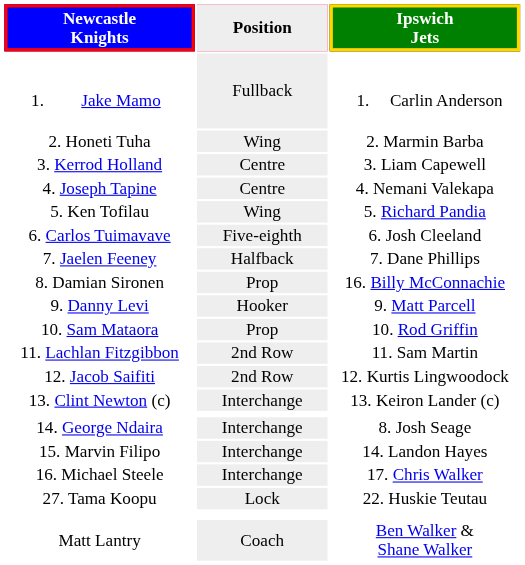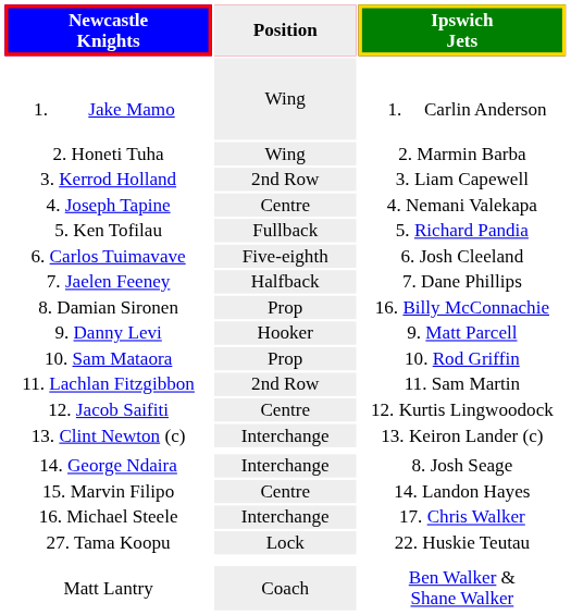 <table style="margin: 1em auto 1em auto">
 <tr style="background:#f03;">
 </tr>
 <tr style="background:#f03;">
 <th align="centre" style="width:170px; border:3px solid red; background:blue; color: white">Newcastle<br>Knights</th>
 <th style="width:120px; text-align:center; background:#eee; color:black;">Position</th>
 <th align="centre" style="width:170px; border:solid gold; background:green; color:white">Ipswich<br>Jets</th>
 </tr>
 <tr style="text-align:center;">
 <td><br><ol><li><a href='#'>Jake Mamo</a></li></ol></td>
-<td style="text-align:center; background:#eee;">Fullback</td>
+<td style="text-align:center; background:#eee;">Wing</td>
 <td><br><ol><li>Carlin Anderson</li></ol></td>
 </tr>
 <tr style="text-align:center;">
 <td>2. Honeti Tuha</td>
 <td style="background:#eee;">Wing</td>
 <td>2. Marmin Barba</td>
 </tr>
 <tr style="text-align:center;">
 <td>3. <a href='#'>Kerrod Holland</a></td>
-<td style="text-align:center; background:#eee;">Centre</td>
+<td style="background:#eee;">2nd Row</td>
 <td>3. Liam Capewell</td>
 </tr>
 <tr style="text-align:center;">
 <td>4. <a href='#'>Joseph Tapine</a></td>
 <td style="background:#eee;">Centre</td>
 <td>4. Nemani Valekapa</td>
 </tr>
 <tr style="text-align:center;">
 <td>5. Ken Tofilau</td>
-<td style="text-align:center; background:#eee;">Wing</td>
+<td style="text-align:center; background:#eee;">Fullback</td>
 <td>5. <a href='#'>Richard Pandia</a></td>
 </tr>
 <tr style="text-align:center;">
 <td>6. <a href='#'>Carlos Tuimavave</a></td>
 <td style="background:#eee;">Five-eighth</td>
 <td>6. Josh Cleeland</td>
 </tr>
 <tr style="text-align:center;">
 <td>7. <a href='#'>Jaelen Feeney</a></td>
 <td style="background:#eee;">Halfback</td>
 <td>7. Dane Phillips</td>
 </tr>
 <tr style="text-align:center;">
 <td>8. Damian Sironen</td>
 <td style="background:#eee;">Prop</td>
 <td>16. <a href='#'>Billy McConnachie</a></td>
 </tr>
 <tr style="text-align:center;">
 <td>9. <a href='#'>Danny Levi</a></td>
 <td style="background:#eee;">Hooker</td>
 <td>9. <a href='#'>Matt Parcell</a></td>
 </tr>
 <tr style="text-align:center;">
 <td>10. <a href='#'>Sam Mataora</a></td>
 <td style="background:#eee;">Prop</td>
 <td>10. <a href='#'>Rod Griffin</a></td>
 </tr>
 <tr style="text-align:center;">
 <td>11. <a href='#'>Lachlan Fitzgibbon</a></td>
 <td style="background:#eee;">2nd Row</td>
 <td>11. Sam Martin</td>
 </tr>
 <tr style="text-align:center;">
 <td>12. <a href='#'>Jacob Saifiti</a></td>
-<td style="background:#eee;">2nd Row</td>
+<td style="text-align:center; background:#eee;">Centre</td>
 <td>12. Kurtis Lingwoodock</td>
 </tr>
 <tr style="text-align:center;">
 <td>13. <a href='#'>Clint Newton</a> (c)</td>
 <td style="background:#eee;">Interchange</td>
 <td>13. Keiron Lander (c)</td>
 </tr>
 <tr>
 <td></td>
 <td></td>
 </tr>
 <tr style="text-align:center;">
 <td>14. <a href='#'>George Ndaira</a></td>
 <td style="background:#eee;">Interchange</td>
 <td>8. Josh Seage</td>
 </tr>
 <tr style="text-align:center;">
 <td>15. Marvin Filipo</td>
-<td style="background:#eee;">Interchange</td>
+<td style="background:#eee;">Centre</td>
 <td>14. Landon Hayes</td>
 </tr>
 <tr style="text-align:center;">
 <td>16. Michael Steele</td>
 <td style="background:#eee;">Interchange</td>
 <td>17. <a href='#'>Chris Walker</a></td>
 </tr>
 <tr style="text-align:center;">
 <td>27. Tama Koopu</td>
 <td style="background:#eee;">Lock</td>
 <td>22. Huskie Teutau</td>
 </tr>
 <tr>
 <td></td>
 </tr>
 <tr>
 <td></td>
 </tr>
 <tr style="text-align:center;">
 <td>Matt Lantry</td>
 <td style="background:#eee;">Coach</td>
 <td><a href='#'>Ben Walker</a> &<br> <a href='#'>Shane Walker</a></td>
 </tr>
 </table>
